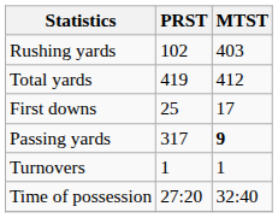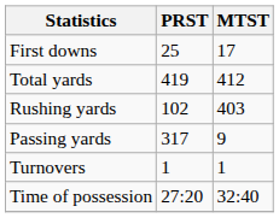 <table class="wikitable" style="float: left;">
 <tr>
 <th>Statistics</th>
 <th>PRST</th>
 <th>MTST</th>
 </tr>
 <tr>
-<td>Rushing yards</td>
-<td>102</td>
-<td>403</td>
+<td>First downs</td>
+<td>25</td>
+<td>17</td>
 </tr>
 <tr>
 <td>Total yards</td>
 <td>419</td>
 <td>412</td>
 </tr>
 <tr>
-<td>First downs</td>
-<td>25</td>
-<td>17</td>
+<td>Rushing yards</td>
+<td>102</td>
+<td>403</td>
 </tr>
 <tr>
 <td>Passing yards</td>
 <td>317</td>
-<td><strong>9</strong></td>
+<td>9</td>
 </tr>
 <tr>
 <td>Turnovers</td>
 <td>1</td>
 <td>1</td>
 </tr>
 <tr>
 <td>Time of possession</td>
 <td>27:20</td>
 <td>32:40</td>
 </tr>
 <tr>
 </tr>
 </table>
